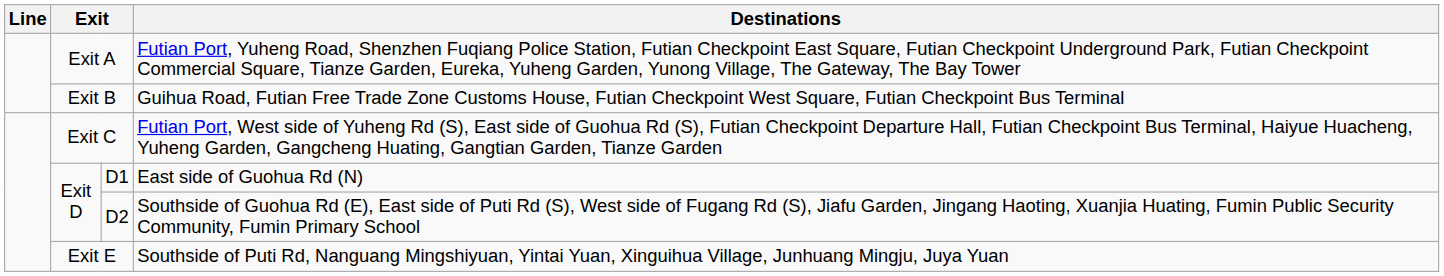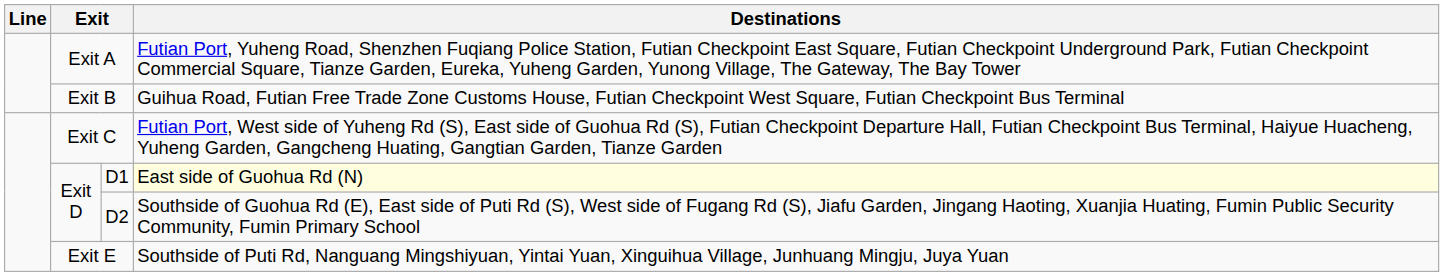 <table class="wikitable">
 <tr>
 <th>Line</th>
 <th colspan="2" style="width:70px">Exit</th>
 <th>Destinations</th>
 </tr>
 <tr>
 <td rowspan="2"></td>
 <td colspan="2" align="center">Exit A</td>
 <td><a href='#'>Futian Port</a>, Yuheng Road, Shenzhen Fuqiang Police Station, Futian Checkpoint East Square, Futian Checkpoint Underground Park, Futian Checkpoint Commercial Square, Tianze Garden, Eureka, Yuheng Garden, Yunong Village, The Gateway, The Bay Tower</td>
 </tr>
 <tr>
 <td align="center" colspan="2">Exit B</td>
 <td>Guihua Road, Futian Free Trade Zone Customs House, Futian Checkpoint West Square, Futian Checkpoint Bus Terminal</td>
 </tr>
 <tr>
 <td rowspan="4"></td>
 <td colspan="2" align="center">Exit C</td>
 <td><a href='#'>Futian Port</a>, West side of Yuheng Rd (S), East side of Guohua Rd (S), Futian Checkpoint Departure Hall, Futian Checkpoint Bus Terminal, Haiyue Huacheng, Yuheng Garden, Gangcheng Huating, Gangtian Garden, Tianze Garden</td>
 </tr>
 <tr>
 <td align="center" rowspan="2">Exit D</td>
 <td>D1</td>
-<td>East side of Guohua Rd (N)</td>
+<td style="background: lightyellow;">East side of Guohua Rd (N)</td>
 </tr>
 <tr>
 <td>D2</td>
 <td>Southside of Guohua Rd (E), East side of Puti Rd (S), West side of Fugang Rd (S), Jiafu Garden, Jingang Haoting, Xuanjia Huating, Fumin Public Security Community, Fumin Primary School</td>
 </tr>
 <tr>
 <td align="center" colspan="2">Exit E</td>
 <td>Southside of Puti Rd, Nanguang Mingshiyuan, Yintai Yuan, Xinguihua Village, Junhuang Mingju, Juya Yuan</td>
 </tr>
 </table>
